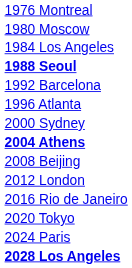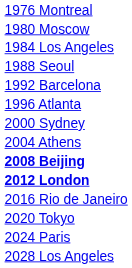 <table>
 <tr>
 <td><a href='#'>1976 Montreal</a><br></td>
 <td></td>
 <td></td>
 <td></td>
 </tr>
 <tr>
 <td><a href='#'>1980 Moscow</a><br></td>
 <td></td>
 <td></td>
 <td></td>
 </tr>
 <tr>
 <td><a href='#'>1984 Los Angeles</a><br></td>
 <td></td>
 <td></td>
 <td></td>
 </tr>
 <tr>
-<td><strong><a href='#'>1988 Seoul</a><br></strong></td>
+<td><a href='#'>1988 Seoul</a><br></td>
 <td></td>
 <td></td>
 <td></td>
 </tr>
 <tr>
 <td><a href='#'>1992 Barcelona</a><br></td>
 <td></td>
 <td></td>
 <td></td>
 </tr>
 <tr>
 <td><a href='#'>1996 Atlanta</a><br></td>
 <td></td>
 <td></td>
 <td></td>
 </tr>
 <tr>
 <td><a href='#'>2000 Sydney</a><br></td>
 <td></td>
 <td></td>
 <td></td>
 </tr>
 <tr>
-<td><strong><a href='#'>2004 Athens</a><br></strong></td>
+<td><a href='#'>2004 Athens</a><br></td>
 <td></td>
 <td></td>
 <td></td>
 </tr>
 <tr>
-<td><a href='#'>2008 Beijing</a><br></td>
+<td><strong><a href='#'>2008 Beijing</a><br></strong></td>
 <td></td>
 <td></td>
 <td></td>
 </tr>
 <tr>
-<td><a href='#'>2012 London</a><br></td>
+<td><strong><a href='#'>2012 London</a><br></strong></td>
 <td></td>
 <td></td>
 <td></td>
 </tr>
 <tr>
 <td><a href='#'>2016 Rio de Janeiro</a><br></td>
 <td></td>
 <td></td>
 <td></td>
 </tr>
 <tr>
 <td><a href='#'>2020 Tokyo</a><br></td>
 <td></td>
 <td></td>
 <td></td>
 </tr>
 <tr>
 <td><a href='#'>2024 Paris</a><br></td>
 <td></td>
 <td></td>
 <td></td>
 </tr>
 <tr>
-<td><strong><a href='#'>2028 Los Angeles</a><br></strong></td>
+<td><a href='#'>2028 Los Angeles</a><br></td>
 <td></td>
 <td></td>
 <td></td>
 </tr>
 <tr>
 </tr>
 </table>
